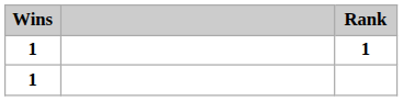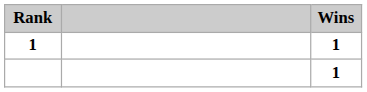 <table class="wikitable plainrowheaders" style="background:#fff; font-size:86%; line-height:16px; border:grey solid 1px; border-collapse:collapse;">
 <tr style="background:#ccc; text-align:center;">
+<th style="background:#ccc;" width="40">Rank</th>
+<th style="background:#ccc;" width="200"></th>
 <th style="background:#ccc;" width="35">Wins</th>
-<th style="background:#ccc;" width="200"></th>
-<th style="background:#ccc;" width="40">Rank</th>
 </tr>
 <tr style="text-align:center">
 <td><strong>1</strong></td>
 <td style="text-align:left"><strong></strong></td>
 <td><strong>1</strong></td>
 </tr>
 <tr style="text-align:center">
+<td></td>
+<td style="text-align:left"><strong></strong></td>
 <td><strong>1</strong></td>
-<td style="text-align:left"><strong></strong></td>
-<td></td>
 </tr>
 </table>
